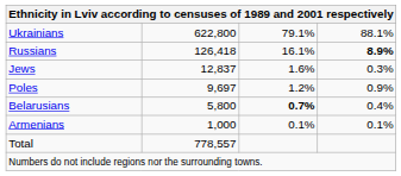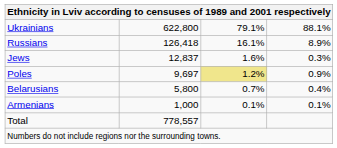 <table class="wikitable floatright" style="text-align:right; margin:0 0 0 1em;">
 <tr>
 <th colspan="4">Ethnicity in Lviv according to censuses of 1989 and 2001 respectively</th>
 </tr>
 <tr>
 <td style="text-align:left;"><a href='#'>Ukrainians</a></td>
 <td>622,800</td>
 <td>79.1%</td>
 <td>88.1%</td>
 </tr>
 <tr>
 <td style="text-align:left;"><a href='#'>Russians</a></td>
 <td>126,418</td>
 <td>16.1%</td>
-<td><strong>8.9%</strong></td>
+<td>8.9%</td>
 </tr>
 <tr>
 <td style="text-align:left;"><a href='#'>Jews</a></td>
 <td>12,837</td>
 <td>1.6%</td>
 <td>0.3%</td>
 </tr>
 <tr>
 <td style="text-align:left;"><a href='#'>Poles</a></td>
 <td>9,697</td>
-<td>1.2%</td>
+<td style="background: khaki;">1.2%</td>
 <td>0.9%</td>
 </tr>
 <tr>
 <td style="text-align:left;"><a href='#'>Belarusians</a></td>
 <td>5,800</td>
-<td><strong>0.7%</strong></td>
+<td>0.7%</td>
 <td>0.4%</td>
 </tr>
 <tr>
 <td style="text-align:left;"><a href='#'>Armenians</a></td>
 <td>1,000</td>
 <td>0.1%</td>
 <td>0.1%</td>
 </tr>
 <tr>
 <td style="text-align:left;">Total</td>
 <td>778,557</td>
 <td></td>
 <td></td>
 </tr>
 <tr>
 <td colspan="4" style="text-align:left;"><small>Numbers do not include regions nor the surrounding towns.</small></td>
 </tr>
 </table>
